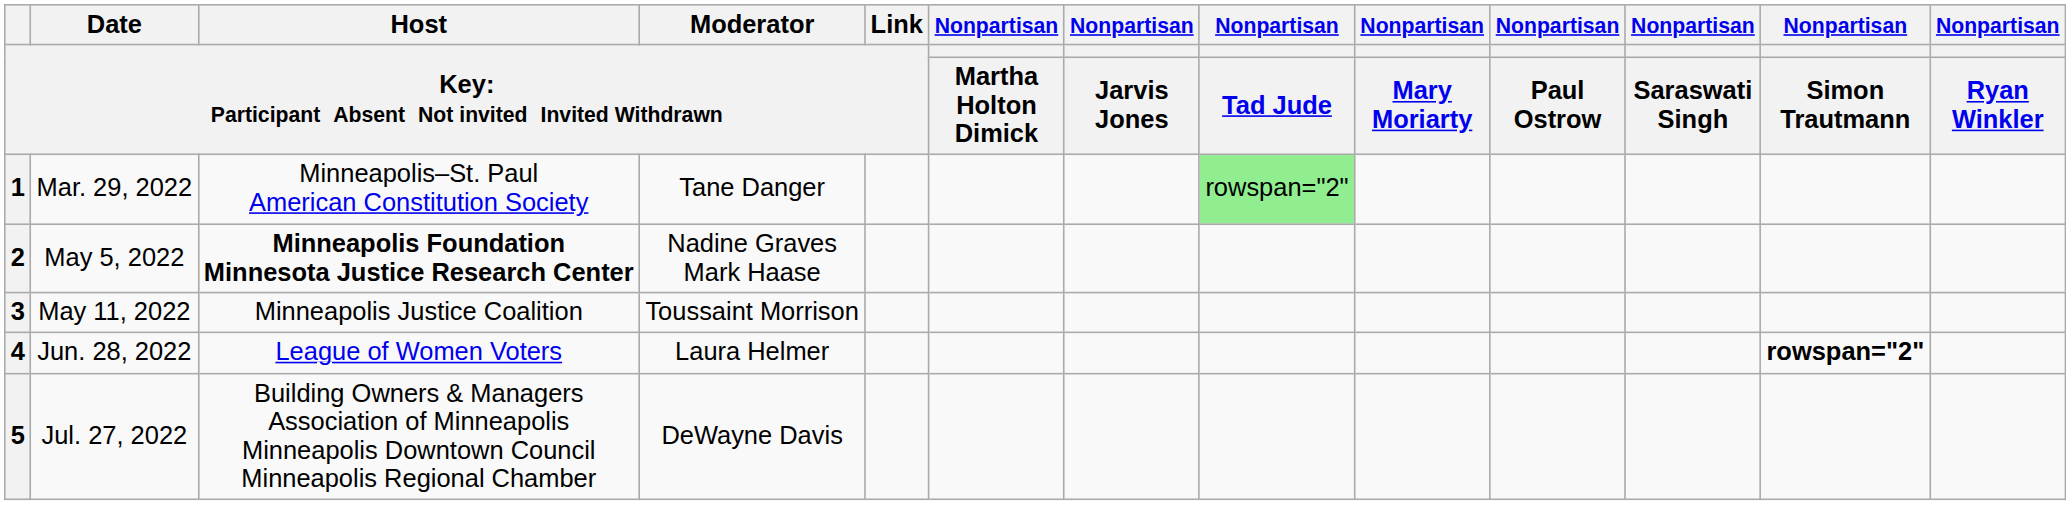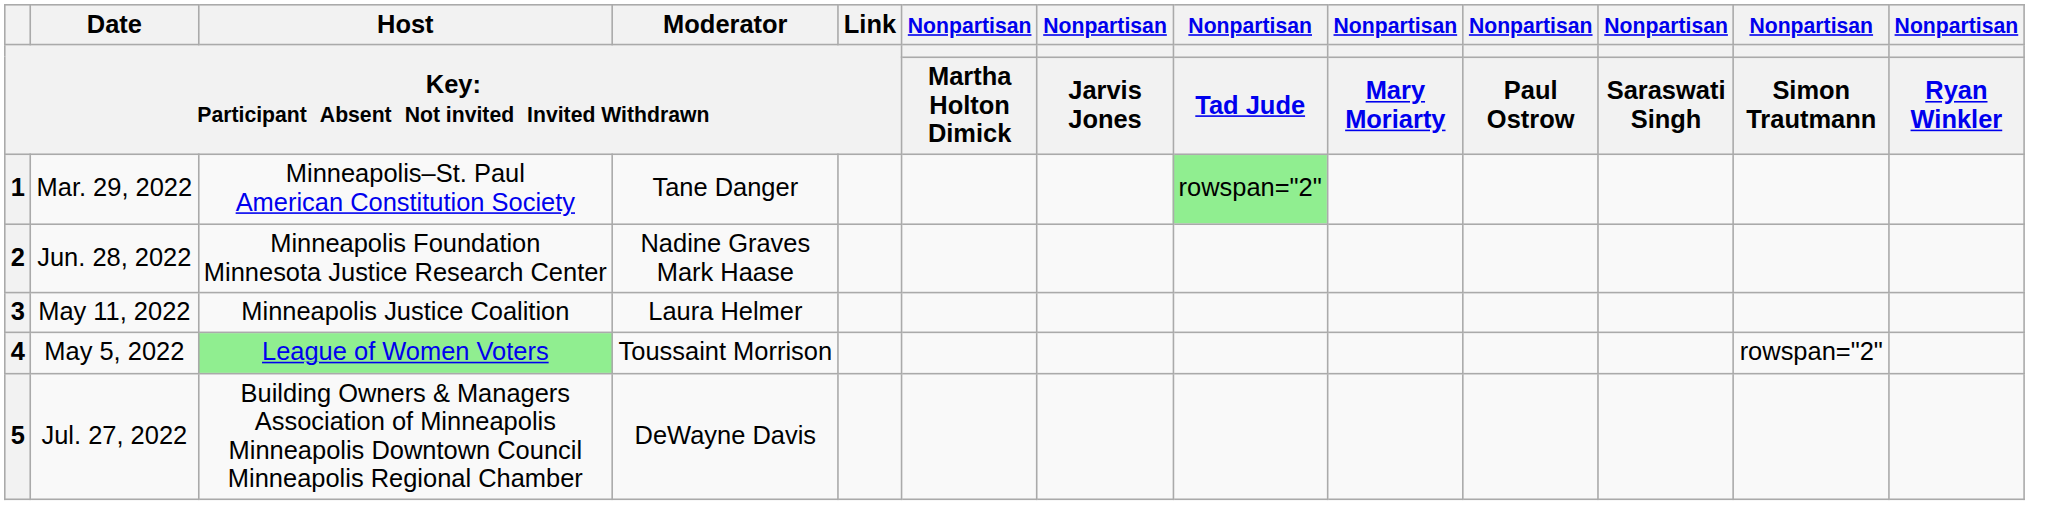 <table class="wikitable" style="text-align:center;">
 <tr>
 <th scope="col"></th>
 <th scope="col">Date</th>
 <th scope="col">Host</th>
 <th scope="col">Moderator</th>
 <th scope="col">Link</th>
 <th scope="col"><small><a href='#'>Nonpartisan</a></small></th>
 <th scope="col"><small><a href='#'>Nonpartisan</a></small></th>
 <th scope="col"><small><a href='#'>Nonpartisan</a></small></th>
 <th scope="col"><small><a href='#'>Nonpartisan</a></small></th>
 <th scope="col"><small><a href='#'>Nonpartisan</a></small></th>
 <th scope="col"><small><a href='#'>Nonpartisan</a></small></th>
 <th scope="col"><small><a href='#'>Nonpartisan</a></small></th>
 <th scope="col"><small><a href='#'>Nonpartisan</a></small></th>
 </tr>
 <tr>
 <th colspan="5" rowspan="2">Key:<br> <small>Participant </small>  <small>Absent </small>  <small>Not invited </small>  <small>Invited  Withdrawn</small></th>
 <th scope="col" style="background:"></th>
 <th scope="col" style="background:"></th>
 <th scope="col" style="background:"></th>
 <th scope="col" style="background:"></th>
 <th scope="col" style="background:"></th>
 <th scope="col" style="background:"></th>
 <th scope="col" style="background:"></th>
 <th scope="col" style="background:"></th>
 </tr>
 <tr>
 <th scope="col">Martha Holton Dimick</th>
 <th scope="col">Jarvis Jones</th>
 <th scope="col"><a href='#'>Tad Jude</a></th>
 <th scope="col"><a href='#'>Mary Moriarty</a></th>
 <th scope="col">Paul Ostrow</th>
 <th scope="col">Saraswati Singh</th>
 <th scope="col">Simon Trautmann</th>
 <th scope="col"><a href='#'>Ryan Winkler</a></th>
 </tr>
 <tr>
 <th>1</th>
 <td style="white-space:nowrap;">Mar. 29, 2022</td>
 <td style="white-space:nowrap;">Minneapolis–St. Paul<br><a href='#'>American Constitution Society</a></td>
 <td style="white-space:nowrap;">Tane Danger</td>
 <td style="white-space:nowrap;"></td>
 <td></td>
 <td></td>
 <td style="background: lightgreen;">rowspan="2"  </td>
 <td></td>
 <td></td>
 <td></td>
 <td></td>
 <td></td>
 </tr>
 <tr>
 <th>2</th>
-<td style="white-space:nowrap;">May 5, 2022</td>
-<td style="white-space:nowrap;"><strong>Minneapolis Foundation<br>Minnesota Justice Research Center</strong></td>
+<td style="white-space:nowrap;">Jun. 28, 2022</td>
+<td style="white-space:nowrap;">Minneapolis Foundation<br>Minnesota Justice Research Center</td>
 <td style="white-space:nowrap;">Nadine Graves<br>Mark Haase</td>
 <td style="white-space:nowrap;"></td>
 <td></td>
 <td></td>
 <td></td>
 <td></td>
 <td></td>
 <td></td>
 <td></td>
 </tr>
 <tr>
 <th>3</th>
 <td style="white-space:nowrap;">May 11, 2022</td>
 <td style="white-space:nowrap;">Minneapolis Justice Coalition</td>
-<td style="white-space:nowrap;">Toussaint Morrison</td>
+<td style="white-space:nowrap;">Laura Helmer</td>
 <td style="white-space:nowrap;"></td>
 <td></td>
 <td></td>
 <td></td>
 <td></td>
 <td></td>
 <td></td>
 <td></td>
 <td></td>
 </tr>
 <tr>
 <th>4</th>
-<td style="white-space:nowrap;">Jun. 28, 2022</td>
-<td style="white-space:nowrap;"><a href='#'>League of Women Voters</a></td>
-<td style="white-space:nowrap;">Laura Helmer</td>
+<td style="white-space:nowrap;">May 5, 2022</td>
+<td style="background: lightgreen; white-space:nowrap;"><a href='#'>League of Women Voters</a></td>
+<td style="white-space:nowrap;">Toussaint Morrison</td>
 <td style="white-space:nowrap;"></td>
 <td></td>
 <td></td>
 <td></td>
 <td></td>
 <td></td>
 <td></td>
-<td><strong>rowspan="2" </strong></td>
+<td>rowspan="2" </td>
 <td></td>
 </tr>
 <tr>
 <th>5</th>
 <td style="white-space:nowrap;">Jul. 27, 2022</td>
 <td style="white-space:nowrap;">Building Owners & Managers<br> Association of Minneapolis<br>Minneapolis Downtown Council<br>Minneapolis Regional Chamber</td>
 <td style="white-space:nowrap;">DeWayne Davis</td>
 <td style="white-space:nowrap;"></td>
 <td></td>
 <td></td>
 <td></td>
 <td></td>
 <td></td>
 <td></td>
 <td></td>
 </tr>
 </table>
